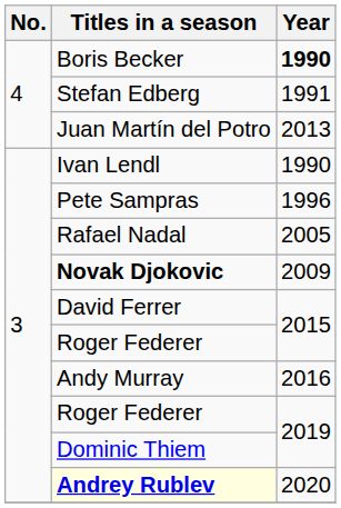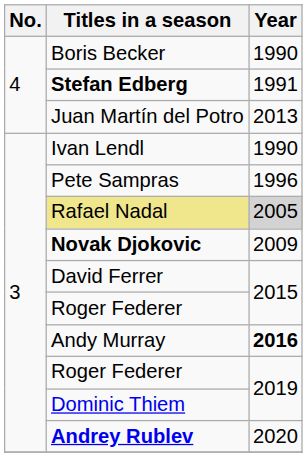 <table class="wikitable" style="display: inline-table;">
 <tr>
 <th width=20>No.</th>
 <th>Titles in a season</th>
 <th>Year</th>
 </tr>
 <tr>
 <td rowspan=3>4</td>
 <td> Boris Becker</td>
-<td><strong>1990</strong></td>
+<td>1990</td>
 </tr>
 <tr>
-<td> Stefan Edberg</td>
+<td><strong> Stefan Edberg</strong></td>
 <td>1991</td>
 </tr>
 <tr>
 <td> Juan Martín del Potro</td>
 <td>2013</td>
 </tr>
 <tr>
 <td rowspan=10>3</td>
 <td> Ivan Lendl</td>
 <td>1990</td>
 </tr>
 <tr>
 <td> Pete Sampras</td>
 <td>1996</td>
 </tr>
 <tr>
-<td> Rafael Nadal</td>
-<td>2005</td>
+<td style="background: khaki;"> Rafael Nadal</td>
+<td style="background: lightgrey;">2005</td>
 </tr>
 <tr>
 <td> <strong>Novak Djokovic</strong></td>
 <td>2009</td>
 </tr>
 <tr>
 <td> David Ferrer</td>
 <td rowspan=2>2015</td>
 </tr>
 <tr>
 <td> Roger Federer</td>
 </tr>
 <tr>
 <td> Andy Murray</td>
-<td>2016</td>
+<td><strong>2016</strong></td>
 </tr>
 <tr>
 <td> Roger Federer</td>
 <td rowspan=2>2019</td>
 </tr>
 <tr>
 <td> <a href='#'>Dominic Thiem</a></td>
 </tr>
 <tr>
-<td style="background: lightyellow;"> <strong><a href='#'>Andrey Rublev</a></strong></td>
+<td> <strong><a href='#'>Andrey Rublev</a></strong></td>
 <td>2020</td>
 </tr>
 <tr>
 </tr>
 </table>
